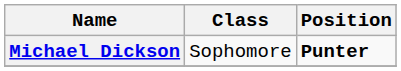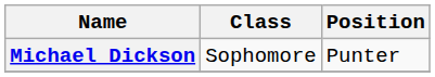 <table class="wikitable sortable plainrowheaders">
 <tr>
 <th scope="col">Name</th>
 <th scope="col">Class</th>
 <th scope="col">Position</th>
 </tr>
 <tr>
 <th><a href='#'>Michael Dickson</a></th>
 <td>Sophomore</td>
-<td><strong>Punter</strong></td>
+<td>Punter</td>
 </tr>
 <tr>
 </tr>
 </table>
